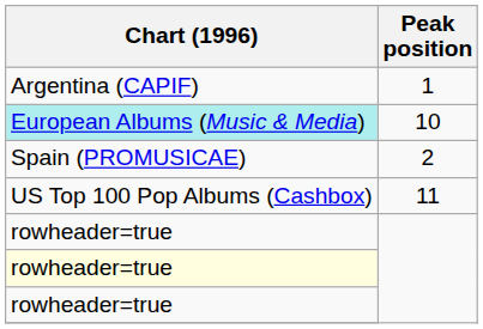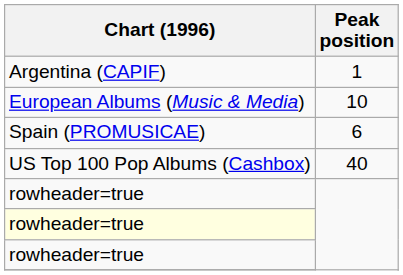 <table class="wikitable sortable">
 <tr>
 <th align="left">Chart (1996)</th>
 <th align="left">Peak<br>position</th>
 </tr>
 <tr>
 <td rowheader=true>Argentina (<a href='#'>CAPIF</a>)</td>
 <td align="center">1</td>
 </tr>
 <tr>
-<td rowheader=true style="background: paleturquoise;"><a href='#'>European Albums</a> (<em><a href='#'>Music & Media</a></em>)</td>
+<td rowheader=true><a href='#'>European Albums</a> (<em><a href='#'>Music & Media</a></em>)</td>
 <td align="center">10</td>
 </tr>
 <tr>
 <td rowheader=true>Spain (<a href='#'>PROMUSICAE</a>)</td>
-<td align="center">2</td>
+<td align="center">6</td>
 </tr>
 <tr>
 <td rowheader=true>US Top 100 Pop Albums (<a href='#'>Cashbox</a>)</td>
-<td align="center">11</td>
+<td align="center">40</td>
 </tr>
 <tr>
 <td>rowheader=true</td>
 </tr>
 <tr>
 <td style="background: lightyellow;">rowheader=true</td>
 </tr>
 <tr>
 <td>rowheader=true</td>
 </tr>
 <tr>
 </tr>
 </table>
